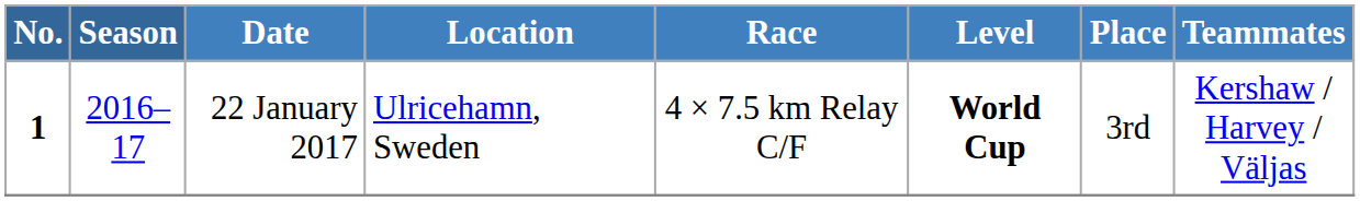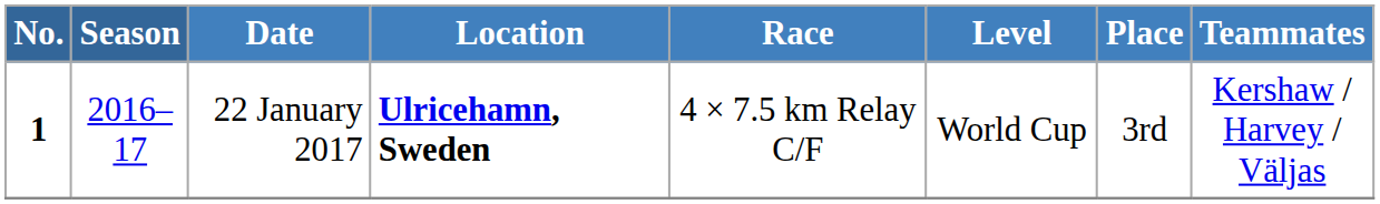 <table class="wikitable sortable" style="font-size:95%; text-align:center; border:grey solid 1px; border-collapse:collapse; background:#ffffff;">
 <tr style="background:#efefef;">
 <th style="background-color:#369; color:white;">No.</th>
 <th style="background-color:#369; color:white;">Season</th>
 <th style="background-color:#4180be; color:white; width:100px;">Date</th>
 <th style="background-color:#4180be; color:white; width:170px;">Location</th>
 <th style="background-color:#4180be; color:white; width:170px;">Race</th>
 <th style="background-color:#4180be; color:white; width:100px;">Level</th>
 <th style="background-color:#4180be; color:white;">Place</th>
 <th style="background-color:#4180be; color:white;">Teammates</th>
 </tr>
 <tr>
 <td align=center><strong>1</strong></td>
 <td rowspan=1 align=center><a href='#'>2016–17</a></td>
 <td align=right>22 January 2017</td>
-<td align=left> <a href='#'>Ulricehamn</a>, Sweden</td>
+<td align=left><strong> <a href='#'>Ulricehamn</a>, Sweden</strong></td>
 <td>4 × 7.5 km Relay C/F</td>
-<td><strong>World Cup</strong></td>
+<td>World Cup</td>
 <td>3rd</td>
 <td><a href='#'>Kershaw</a> / <a href='#'>Harvey</a> / <a href='#'>Väljas</a></td>
 </tr>
 <tr>
 </tr>
 </table>
